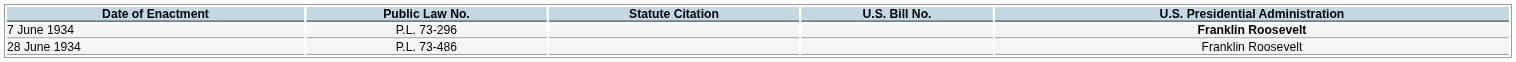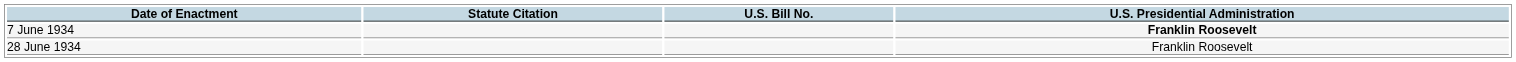 <table style="border:1px solid gray; align:left; width:100%" cellspacing=3 cellpadding=0>
 <tr style="font-weight:bold; text-align:center; background:#c4d8e2; color:black;">
 <th style=" border-bottom:1.5px solid black">Date of Enactment</th>
-<th style=" border-bottom:1.5px solid black">Public Law No.</th>
 <th style=" border-bottom:1.5px solid black">Statute Citation</th>
 <th style=" border-bottom:1.5px solid black">U.S. Bill No.</th>
 <th style=" border-bottom:1.5px solid black">U.S. Presidential Administration</th>
 </tr>
 <tr>
 <td style="border-bottom:1px solid gray; background:#F5F5F5;">7 June 1934</td>
-<td style="border-bottom:1px solid gray; background:#F5F5F5; text-align:center;">P.L. 73-296</td>
 <td style="border-bottom:1px solid gray; background:#F5F5F5; text-align:center;"></td>
 <td style="border-bottom:1px solid gray; background:#F5F5F5; text-align:center;"></td>
 <td style="border-bottom:1px solid gray; background:#F5F5F5; text-align:center;"><strong>Franklin Roosevelt</strong></td>
 </tr>
 <tr>
 <td style="border-bottom:1px solid gray; background:#F5F5F5;">28 June 1934</td>
-<td style="border-bottom:1px solid gray; background:#F5F5F5; text-align:center;">P.L. 73-486</td>
 <td style="border-bottom:1px solid gray; background:#F5F5F5; text-align:center;"></td>
 <td style="border-bottom:1px solid gray; background:#F5F5F5; text-align:center;"></td>
 <td style="border-bottom:1px solid gray; background:#F5F5F5; text-align:center;">Franklin Roosevelt</td>
 </tr>
 </table>
